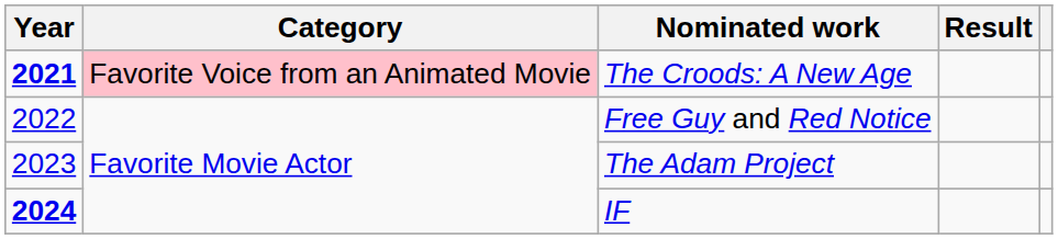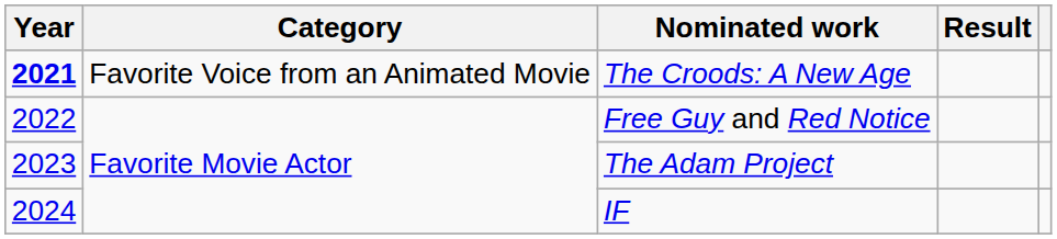 <table class="wikitable">
 <tr>
 <th>Year</th>
 <th>Category</th>
 <th>Nominated work</th>
 <th>Result</th>
 <th></th>
 </tr>
 <tr>
 <td><strong><a href='#'>2021</a></strong></td>
-<td style="background: pink;">Favorite Voice from an Animated Movie</td>
+<td>Favorite Voice from an Animated Movie</td>
 <td><em><a href='#'>The Croods: A New Age</a></em></td>
 <td></td>
 <td></td>
 </tr>
 <tr>
 <td><a href='#'>2022</a></td>
 <td rowspan="3"><a href='#'>Favorite Movie Actor</a></td>
 <td><em><a href='#'>Free Guy</a></em> and <em><a href='#'>Red Notice</a></em></td>
 <td></td>
 <td></td>
 </tr>
 <tr>
 <td><a href='#'>2023</a></td>
 <td><em><a href='#'>The Adam Project</a></em></td>
 <td></td>
 <td></td>
 </tr>
 <tr>
-<td><strong><a href='#'>2024</a></strong></td>
+<td><a href='#'>2024</a></td>
 <td><em><a href='#'>IF</a></em></td>
 <td></td>
 <td></td>
 </tr>
 </table>
